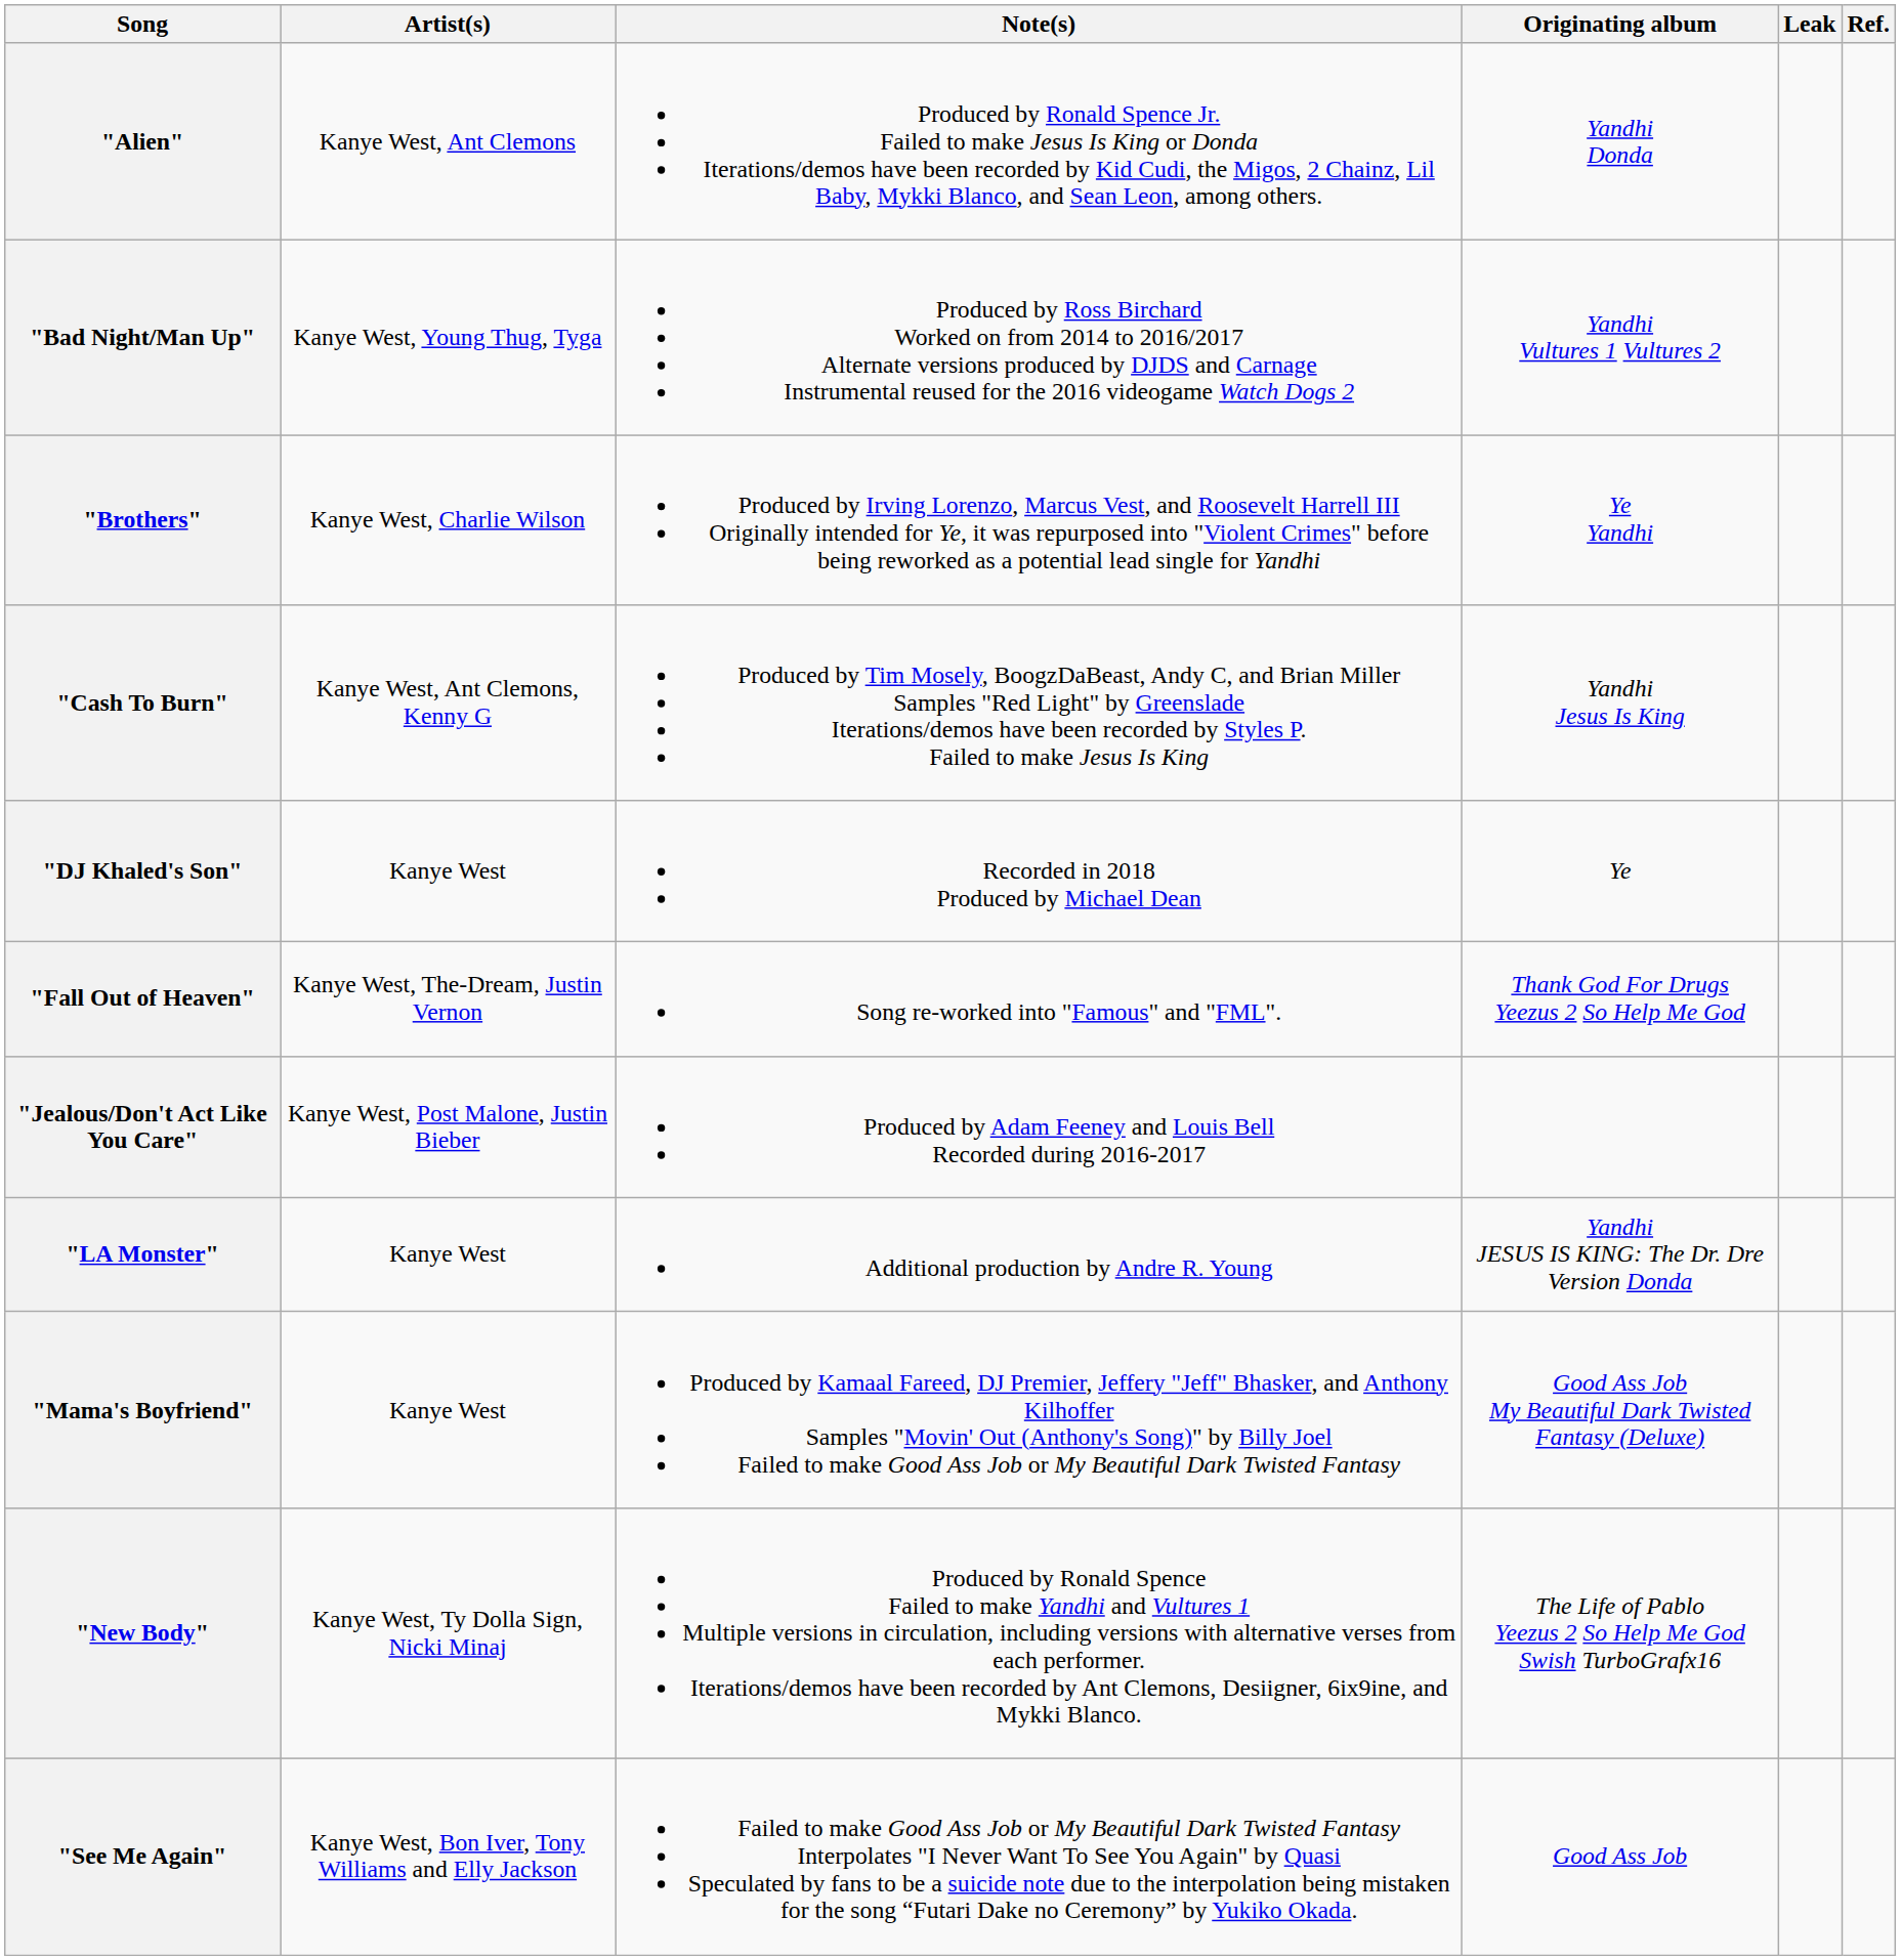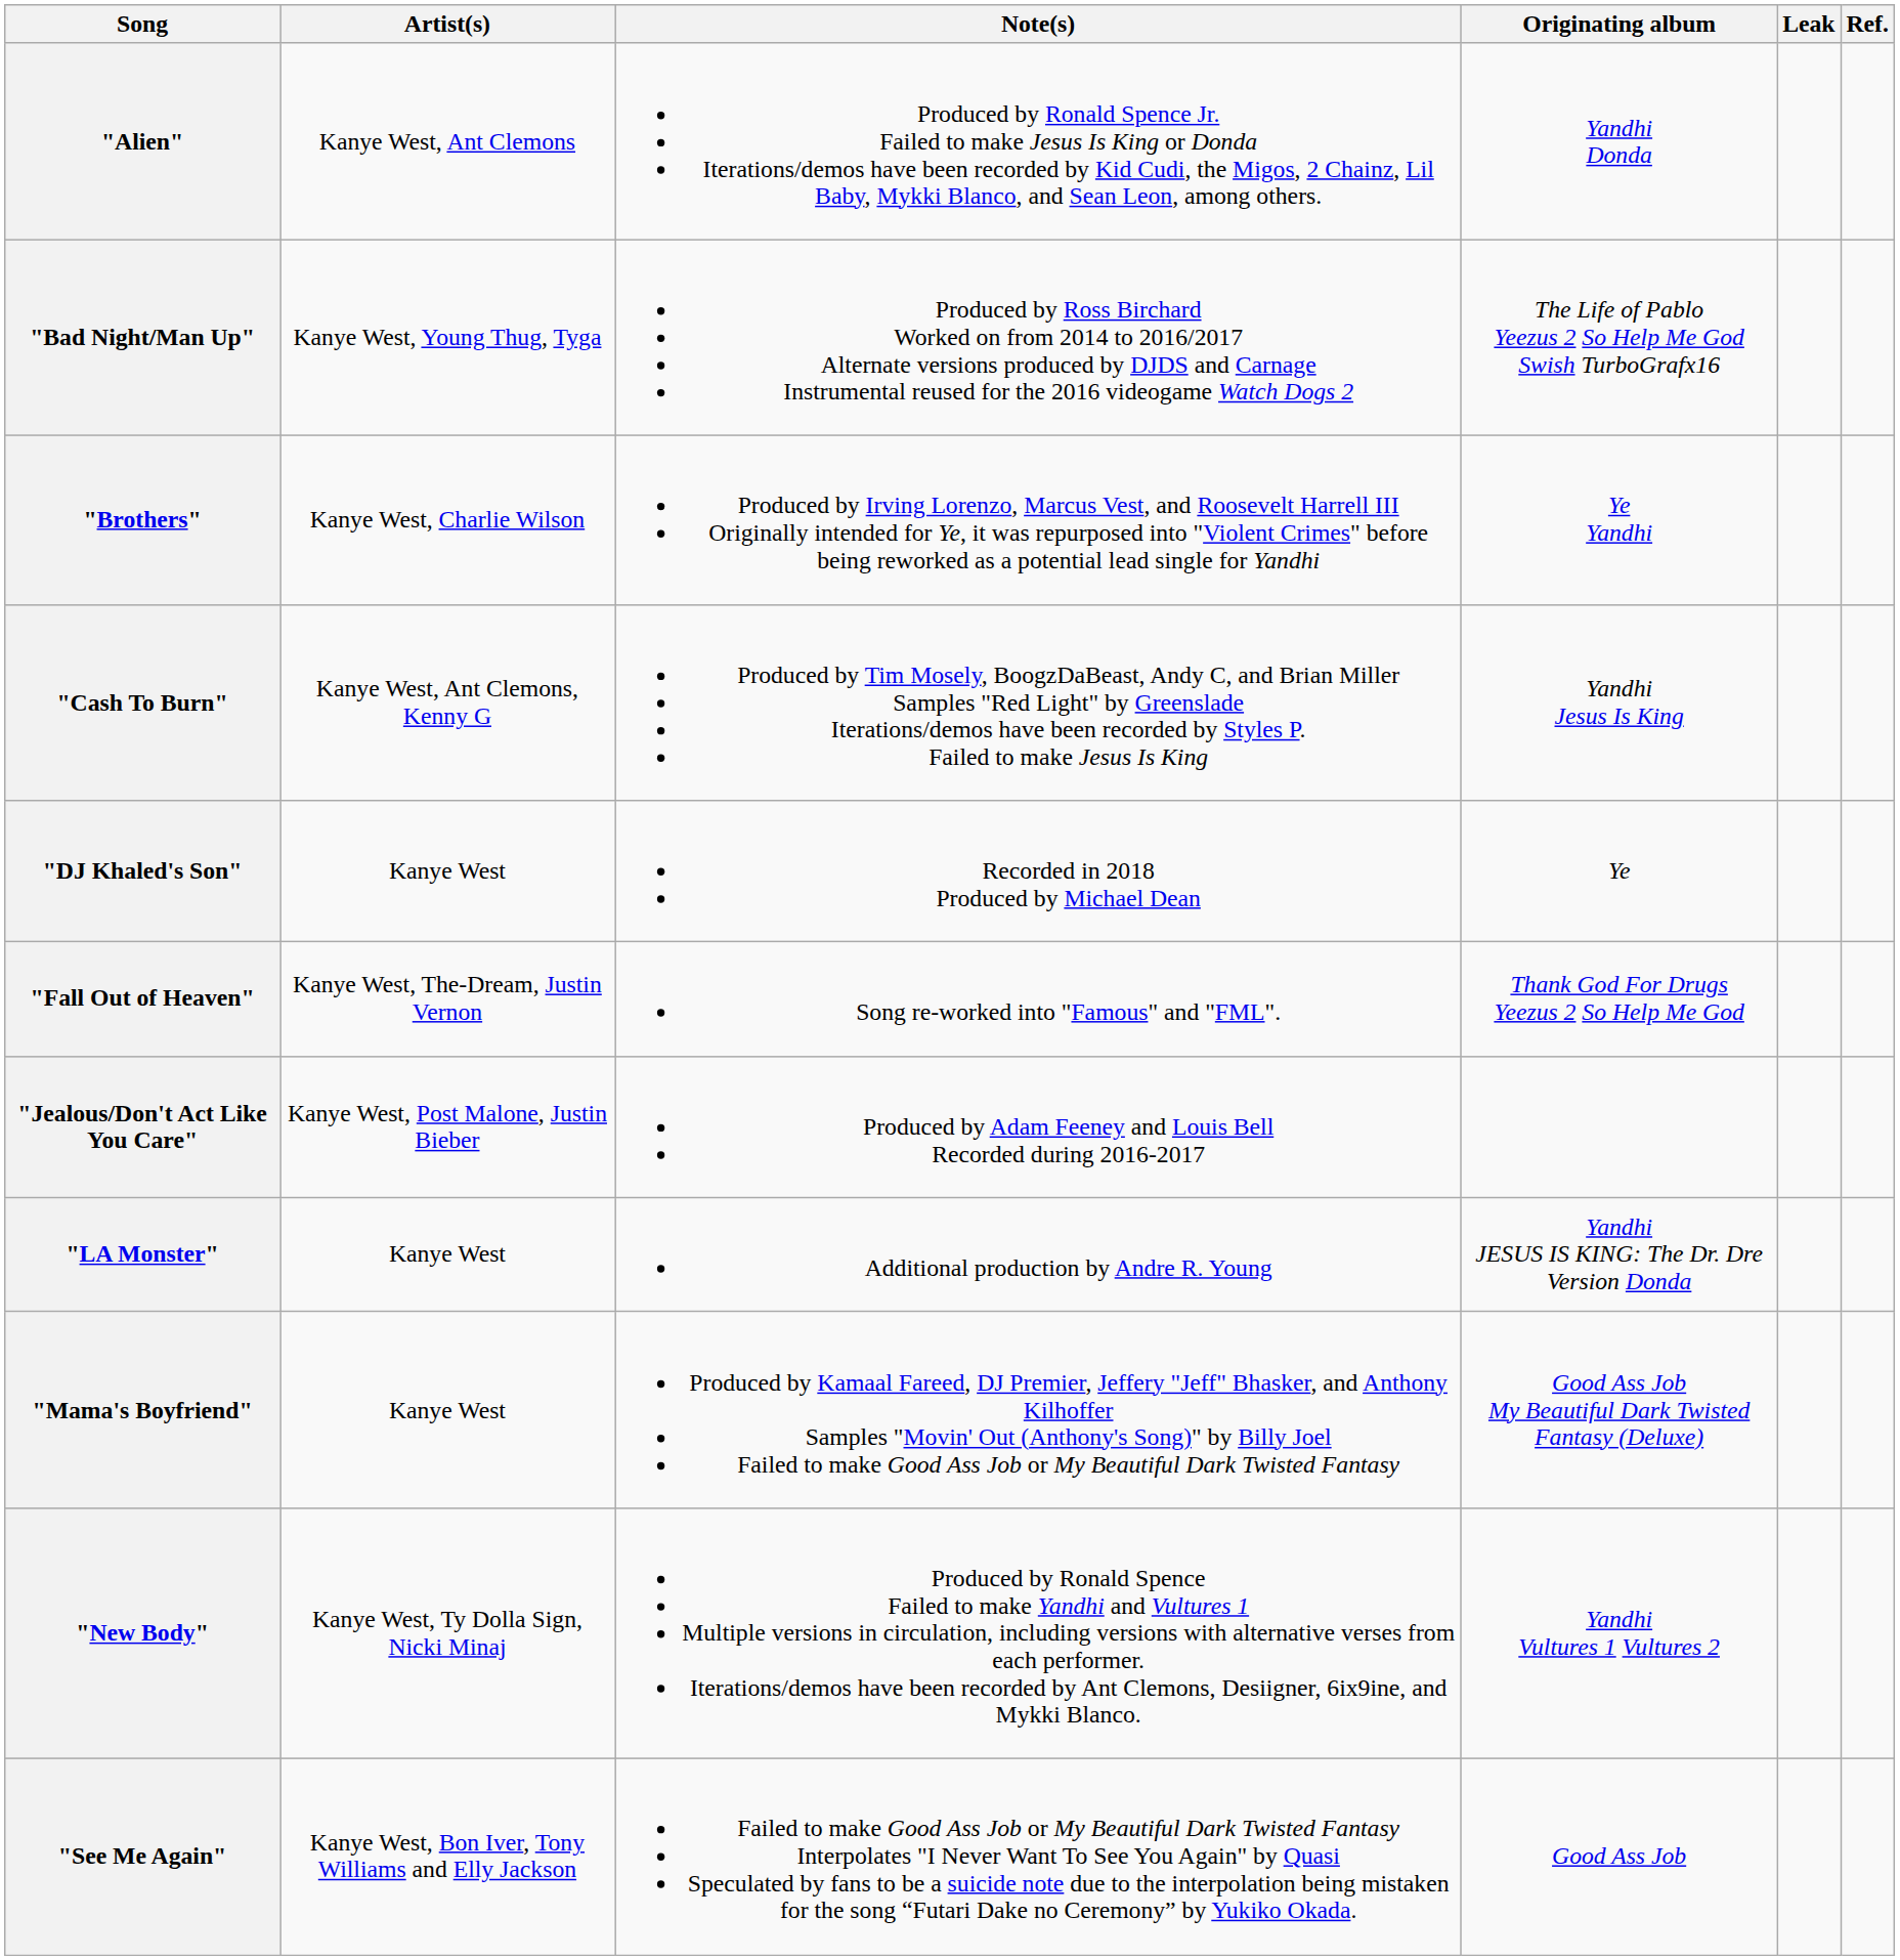 <table class="wikitable sortable plainrowheaders" style="text-align:center;">
 <tr>
 <th scope="col">Song</th>
 <th scope="col">Artist(s)</th>
 <th scope="col" class="unsortable">Note(s)</th>
 <th scope="col">Originating album</th>
 <th scope="col">Leak</th>
 <th scope="col" class="unsortable">Ref.</th>
 </tr>
 <tr>
 <th scope=row>"Alien"</th>
 <td>Kanye West, <a href='#'>Ant Clemons</a></td>
 <td><br><ul><li>Produced by <a href='#'>Ronald Spence Jr.</a></li><li>Failed to make <em>Jesus Is King</em> or <em>Donda</em></li><li>Iterations/demos have been recorded by <a href='#'>Kid Cudi</a>, the <a href='#'>Migos</a>, <a href='#'>2 Chainz</a>, <a href='#'>Lil Baby</a>, <a href='#'>Mykki Blanco</a>, and <a href='#'>Sean Leon</a>, among others.</li></ul></td>
 <td><em><a href='#'>Yandhi</a></em><br><em><a href='#'>Donda</a></em></td>
 <td></td>
 <td><br></td>
 </tr>
 <tr>
 <th scope=row>"Bad Night/Man Up"</th>
 <td>Kanye West, <a href='#'>Young Thug</a>, <a href='#'>Tyga</a></td>
 <td><br><ul><li>Produced by <a href='#'>Ross Birchard</a></li><li>Worked on from 2014 to 2016/2017</li><li>Alternate versions produced by <a href='#'>DJDS</a> and <a href='#'>Carnage</a></li><li>Instrumental reused for the 2016 videogame <em><a href='#'>Watch Dogs 2</a></em></li></ul></td>
-<td><em><a href='#'>Yandhi</a></em><br><em><a href='#'>Vultures 1</a></em> <em><a href='#'>Vultures 2</a></em></td>
+<td><em>The Life of Pablo</em><br><em><a href='#'>Yeezus 2</a></em> <em><a href='#'>So Help Me God</a></em> <em><a href='#'>Swish</a></em> <em>TurboGrafx16</em></td>
 <td></td>
 <td></td>
 </tr>
 <tr>
 <th scope=row>"<a href='#'>Brothers</a>"</th>
 <td>Kanye West, <a href='#'>Charlie Wilson</a></td>
 <td><br><ul><li>Produced by <a href='#'>Irving Lorenzo</a>, <a href='#'>Marcus Vest</a>, and <a href='#'>Roosevelt Harrell III</a></li><li>Originally intended for <em>Ye</em>, it was repurposed into "<a href='#'>Violent Crimes</a>" before being reworked as a potential lead single for <em>Yandhi</em></li></ul></td>
 <td><em><a href='#'>Ye</a></em><br><em><a href='#'>Yandhi</a></em></td>
 <td></td>
 <td></td>
 </tr>
 <tr>
 <th scope=row>"Cash To Burn"</th>
 <td>Kanye West, Ant Clemons, <a href='#'>Kenny G</a></td>
 <td><br><ul><li>Produced by <a href='#'>Tim Mosely</a>, BoogzDaBeast, Andy C, and Brian Miller</li><li>Samples "Red Light" by <a href='#'>Greenslade</a></li><li>Iterations/demos have been recorded by <a href='#'>Styles P</a>.</li><li>Failed to make <em>Jesus Is King</em></li></ul></td>
 <td><em>Yandhi</em><br><em><a href='#'>Jesus Is King</a></em></td>
 <td></td>
 <td></td>
 </tr>
 <tr>
 <th scope=row>"DJ Khaled's Son"</th>
 <td>Kanye West</td>
 <td><br><ul><li>Recorded in 2018</li><li>Produced by <a href='#'>Michael Dean</a></li></ul></td>
 <td><em>Ye</em></td>
 <td></td>
 <td></td>
 </tr>
 <tr>
 <th scope=row>"Fall Out of Heaven"</th>
 <td>Kanye West, The-Dream, <a href='#'>Justin Vernon</a></td>
 <td><br><ul><li>Song re-worked into "<a href='#'>Famous</a>" and "<a href='#'>FML</a>".</li></ul></td>
 <td><em><a href='#'>Thank God For Drugs</a></em><br><em><a href='#'>Yeezus 2</a></em> <em><a href='#'>So Help Me God</a></em></td>
 <td></td>
 <td></td>
 </tr>
 <tr>
 <th scope=row>"Jealous/Don't Act Like You Care"</th>
 <td>Kanye West, <a href='#'>Post Malone</a>, <a href='#'>Justin Bieber</a></td>
 <td><br><ul><li>Produced by <a href='#'>Adam Feeney</a> and <a href='#'>Louis Bell</a></li><li>Recorded during 2016-2017</li></ul></td>
 <td></td>
 <td></td>
 <td></td>
 </tr>
 <tr>
 <th scope="row">"<a href='#'>LA Monster</a>"</th>
 <td>Kanye West</td>
 <td><br><ul><li>Additional production by <a href='#'>Andre R. Young</a></li></ul></td>
 <td><em><a href='#'>Yandhi</a></em><br><em>JESUS IS KING: The Dr. Dre Version</em> <em><a href='#'>Donda</a></em></td>
 <td></td>
 <td></td>
 </tr>
 <tr>
 <th scope=row>"Mama's Boyfriend"</th>
 <td>Kanye West</td>
 <td><br><ul><li>Produced by <a href='#'>Kamaal Fareed</a>, <a href='#'>DJ Premier</a>, <a href='#'>Jeffery "Jeff" Bhasker</a>, and <a href='#'>Anthony Kilhoffer</a></li><li>Samples "<a href='#'>Movin' Out (Anthony's Song)</a>" by <a href='#'>Billy Joel</a></li><li>Failed to make <em>Good Ass Job</em> or <em>My Beautiful Dark Twisted Fantasy</em></li></ul></td>
 <td><em><a href='#'>Good Ass Job</a></em><br><em><a href='#'>My Beautiful Dark Twisted Fantasy (Deluxe)</a></em></td>
 <td></td>
 <td></td>
 </tr>
 <tr>
 <th scope="row">"<a href='#'>New Body</a>"</th>
 <td>Kanye West, Ty Dolla Sign, <a href='#'>Nicki Minaj</a></td>
 <td><br><ul><li>Produced by Ronald Spence</li><li>Failed to make <em><a href='#'>Yandhi</a></em> and <em><a href='#'>Vultures 1</a></em></li><li>Multiple versions in circulation, including versions with alternative verses from each performer.</li><li>Iterations/demos have been recorded by Ant Clemons, Desiigner, 6ix9ine, and Mykki Blanco.</li></ul></td>
-<td><em>The Life of Pablo</em><br><em><a href='#'>Yeezus 2</a></em> <em><a href='#'>So Help Me God</a></em> <em><a href='#'>Swish</a></em> <em>TurboGrafx16</em></td>
+<td><em><a href='#'>Yandhi</a></em><br><em><a href='#'>Vultures 1</a></em> <em><a href='#'>Vultures 2</a></em></td>
 <td></td>
 <td></td>
 </tr>
 <tr>
 <th scope="row">"See Me Again"</th>
 <td>Kanye West, <a href='#'>Bon Iver</a>, <a href='#'>Tony Williams</a> and <a href='#'>Elly Jackson</a></td>
 <td><br><ul><li>Failed to make <em>Good Ass Job</em> or <em>My Beautiful Dark Twisted Fantasy</em></li><li>Interpolates "I Never Want To See You Again" by <a href='#'>Quasi</a></li><li>Speculated by fans to be a <a href='#'>suicide note</a> due to the interpolation being mistaken for the song “Futari Dake no Ceremony” by <a href='#'>Yukiko Okada</a>.</li></ul></td>
 <td><em><a href='#'>Good Ass Job</a></em></td>
 <td></td>
 <td></td>
 </tr>
 </table>
